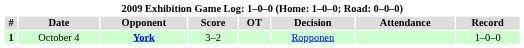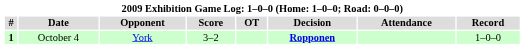 <table class="toccolours collapsible" width=90% style="clear:both; margin:1.5em auto; text-align:center">
 <tr>
 <th colspan=9>2009 Exhibition Game Log: 1–0–0 (Home: 1–0–0; Road: 0–0–0)</th>
 </tr>
 <tr align="center" bgcolor="#dddddd">
 <th>#</th>
 <th>Date</th>
 <th>Opponent</th>
 <th>Score</th>
 <th>OT</th>
 <th>Decision</th>
 <th>Attendance</th>
 <th>Record</th>
 </tr>
 <tr align="center" bgcolor="ccffcc">
 <td><strong>1</strong></td>
 <td>October 4</td>
-<td><strong><a href='#'>York</a></strong></td>
+<td><a href='#'>York</a></td>
 <td>3–2</td>
 <td></td>
-<td><a href='#'>Ropponen</a></td>
+<td><strong><a href='#'>Ropponen</a></strong></td>
 <td></td>
 <td>1–0–0</td>
 </tr>
 </table>
